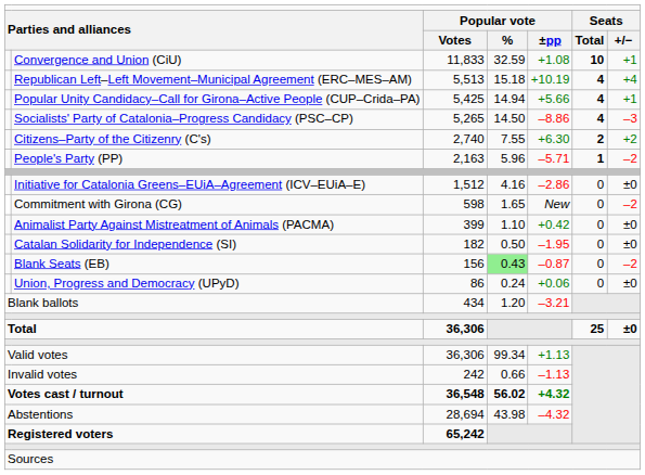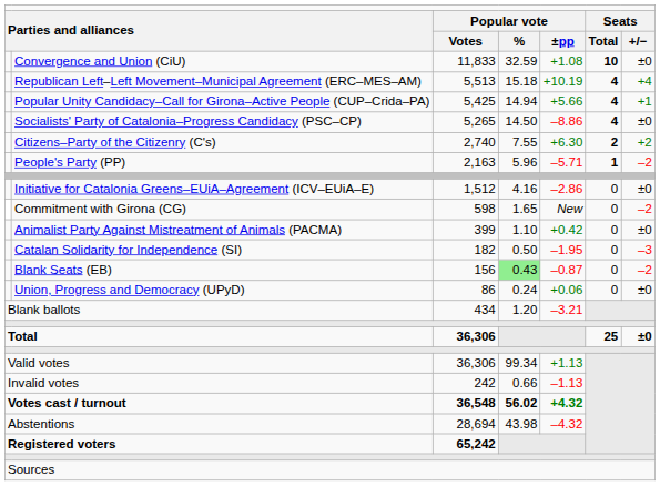 <table class="wikitable" style="text-align:right;">
 <tr>
 <td colspan="7"></td>
 </tr>
 <tr>
 <th style="text-align:left;" rowspan="2" colspan="2" width="525">Parties and alliances</th>
 <th colspan="3">Popular vote</th>
 <th colspan="2">Seats</th>
 </tr>
 <tr>
 <th width="75">Votes</th>
 <th width="45">%</th>
 <th width="45">±<a href='#'>pp</a></th>
 <th width="35">Total</th>
 <th width="35">+/−</th>
 </tr>
 <tr>
 <td width="1" style="color:inherit;background:"></td>
 <td align="left"><a href='#'>Convergence and Union</a> (CiU)</td>
 <td>11,833</td>
 <td>32.59</td>
 <td style="color:green;">+1.08</td>
 <td><strong>10</strong></td>
-<td style="color:green;">+1</td>
+<td>±0</td>
 </tr>
 <tr>
 <td style="color:inherit;background:"></td>
 <td align="left"><a href='#'>Republican Left</a>–<a href='#'>Left Movement–Municipal Agreement</a> (ERC–MES–AM)</td>
 <td>5,513</td>
 <td>15.18</td>
 <td style="color:green;">+10.19</td>
 <td><strong>4</strong></td>
 <td style="color:green;">+4</td>
 </tr>
 <tr>
 <td style="color:inherit;background:"></td>
 <td align="left"><a href='#'>Popular Unity Candidacy–Call for Girona–Active People</a> (CUP–Crida–PA)</td>
 <td>5,425</td>
 <td>14.94</td>
 <td style="color:green;">+5.66</td>
 <td><strong>4</strong></td>
 <td style="color:green;">+1</td>
 </tr>
 <tr>
 <td style="color:inherit;background:"></td>
 <td align="left"><a href='#'>Socialists' Party of Catalonia–Progress Candidacy</a> (PSC–CP)</td>
 <td>5,265</td>
 <td>14.50</td>
 <td style="color:red;">–8.86</td>
 <td><strong>4</strong></td>
-<td style="color:red;">–3</td>
+<td>±0</td>
 </tr>
 <tr>
 <td style="color:inherit;background:"></td>
 <td align="left"><a href='#'>Citizens–Party of the Citizenry</a> (C's)</td>
 <td>2,740</td>
 <td>7.55</td>
 <td style="color:green;">+6.30</td>
 <td><strong>2</strong></td>
 <td style="color:green;">+2</td>
 </tr>
 <tr>
 <td style="color:inherit;background:"></td>
 <td align="left"><a href='#'>People's Party</a> (PP)</td>
 <td>2,163</td>
 <td>5.96</td>
 <td style="color:red;">–5.71</td>
 <td><strong>1</strong></td>
 <td style="color:red;">–2</td>
 </tr>
 <tr>
 <td colspan="7" style="color:inherit;background:#C0C0C0"></td>
 </tr>
 <tr>
 <td style="color:inherit;background:"></td>
 <td align="left"><a href='#'>Initiative for Catalonia Greens–EUiA–Agreement</a> (ICV–EUiA–E)</td>
 <td>1,512</td>
 <td>4.16</td>
 <td style="color:red;">–2.86</td>
 <td>0</td>
 <td>±0</td>
 </tr>
 <tr>
 <td bgcolor="white"></td>
 <td align="left">Commitment with Girona (CG)</td>
 <td>598</td>
 <td>1.65</td>
 <td><em>New</em></td>
 <td>0</td>
 <td style="color:red;">–2</td>
 </tr>
 <tr>
 <td style="color:inherit;background:"></td>
 <td align="left"><a href='#'>Animalist Party Against Mistreatment of Animals</a> (PACMA)</td>
 <td>399</td>
 <td>1.10</td>
 <td style="color:green;">+0.42</td>
 <td>0</td>
 <td>±0</td>
 </tr>
 <tr>
 <td style="color:inherit;background:"></td>
 <td align="left"><a href='#'>Catalan Solidarity for Independence</a> (SI)</td>
 <td>182</td>
 <td>0.50</td>
 <td style="color:red;">–1.95</td>
 <td>0</td>
-<td>±0</td>
+<td style="color:red;">–3</td>
 </tr>
 <tr>
 <td style="color:inherit;background:"></td>
 <td align="left"><a href='#'>Blank Seats</a> (EB)</td>
 <td>156</td>
 <td style="background: lightgreen;">0.43</td>
 <td style="color:red;">–0.87</td>
 <td>0</td>
 <td style="color:red;">–2</td>
 </tr>
 <tr>
 <td style="color:inherit;background:"></td>
 <td align="left"><a href='#'>Union, Progress and Democracy</a> (UPyD)</td>
 <td>86</td>
 <td>0.24</td>
 <td style="color:green;">+0.06</td>
 <td>0</td>
 <td>±0</td>
 </tr>
 <tr>
 <td align="left" colspan="2">Blank ballots</td>
 <td>434</td>
 <td>1.20</td>
 <td style="color:red;">–3.21</td>
 <td style="color:inherit;background:#E9E9E9" colspan="2"></td>
 </tr>
 <tr>
 <td colspan="7" style="color:inherit;background:#E9E9E9"></td>
 </tr>
 <tr style="font-weight:bold;">
 <td align="left" colspan="2">Total</td>
 <td>36,306</td>
 <td bgcolor="#E9E9E9" colspan="2"></td>
 <td>25</td>
 <td>±0</td>
 </tr>
 <tr>
 <td colspan="7" style="color:inherit;background:#E9E9E9"></td>
 </tr>
 <tr>
 <td align="left" colspan="2">Valid votes</td>
 <td>36,306</td>
 <td>99.34</td>
 <td style="color:green;">+1.13</td>
 <td bgcolor="#E9E9E9" colspan="2" rowspan="5"></td>
 </tr>
 <tr>
 <td align="left" colspan="2">Invalid votes</td>
 <td>242</td>
 <td>0.66</td>
 <td style="color:red;">–1.13</td>
 </tr>
 <tr style="font-weight:bold;">
 <td align="left" colspan="2">Votes cast / turnout</td>
 <td>36,548</td>
 <td>56.02</td>
 <td style="color:green;">+4.32</td>
 </tr>
 <tr>
 <td align="left" colspan="2">Abstentions</td>
 <td>28,694</td>
 <td>43.98</td>
 <td style="color:red;">–4.32</td>
 </tr>
 <tr style="font-weight:bold;">
 <td align="left" colspan="2">Registered voters</td>
 <td>65,242</td>
 <td bgcolor="#E9E9E9" colspan="2"></td>
 </tr>
 <tr>
 <td colspan="7" style="color:inherit;background:#E9E9E9"></td>
 </tr>
 <tr>
 <td align="left" colspan="7">Sources</td>
 </tr>
 </table>
